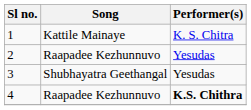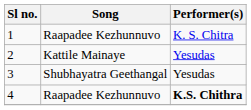 <table class="wikitable">
 <tr>
 <th>Sl no.</th>
 <th>Song</th>
 <th>Performer(s)</th>
 </tr>
 <tr>
 <td>1</td>
-<td>Kattile Mainaye</td>
+<td>Raapadee Kezhunnuvo</td>
 <td><a href='#'>K. S. Chitra</a></td>
 </tr>
 <tr>
 <td>2</td>
-<td>Raapadee Kezhunnuvo</td>
+<td>Kattile Mainaye</td>
 <td><a href='#'>Yesudas</a></td>
 </tr>
 <tr>
 <td>3</td>
 <td>Shubhayatra Geethangal</td>
 <td>Yesudas</td>
 </tr>
 <tr>
 <td>4</td>
 <td>Raapadee Kezhunnuvo</td>
 <td><strong>K.S. Chithra</strong></td>
 </tr>
 <tr>
 </tr>
 </table>
